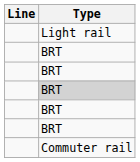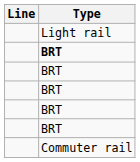 <table class="wikitable plainrowheaders sortable">
 <tr>
 <th scope=col>Line</th>
 <th scope=col>Type</th>
 </tr>
 <tr>
 <td></td>
 <td>Light rail</td>
 </tr>
 <tr>
 <td></td>
-<td>BRT</td>
+<td><strong>BRT</strong></td>
 </tr>
 <tr>
 <td></td>
 <td>BRT</td>
 </tr>
 <tr>
 <td></td>
-<td style="background: lightgrey;">BRT</td>
+<td>BRT</td>
 </tr>
 <tr>
 <td></td>
 <td>BRT</td>
 </tr>
 <tr>
 <td></td>
 <td>BRT</td>
 </tr>
 <tr>
 <td></td>
 <td>Commuter rail</td>
 </tr>
 </table>
